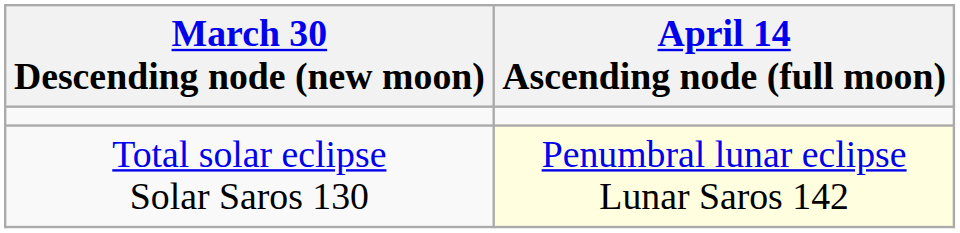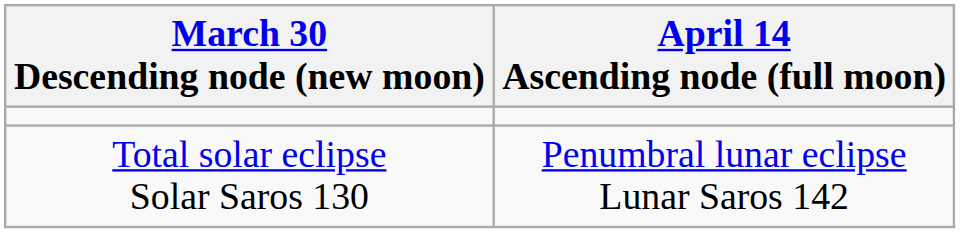 <table class="wikitable">
 <tr>
 <th><a href='#'>March 30</a><br>Descending node (new moon)<br></th>
 <th><a href='#'>April 14</a><br>Ascending node (full moon)<br></th>
 </tr>
 <tr>
 <td></td>
 <td></td>
 </tr>
 <tr align=center>
 <td><a href='#'>Total solar eclipse</a><br>Solar Saros 130</td>
-<td style="background: lightyellow;"><a href='#'>Penumbral lunar eclipse</a><br>Lunar Saros 142</td>
+<td><a href='#'>Penumbral lunar eclipse</a><br>Lunar Saros 142</td>
 </tr>
 </table>
